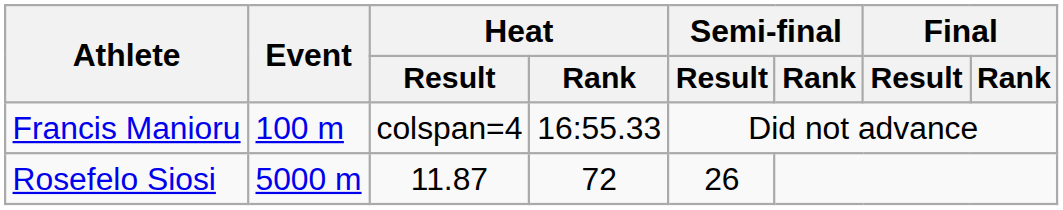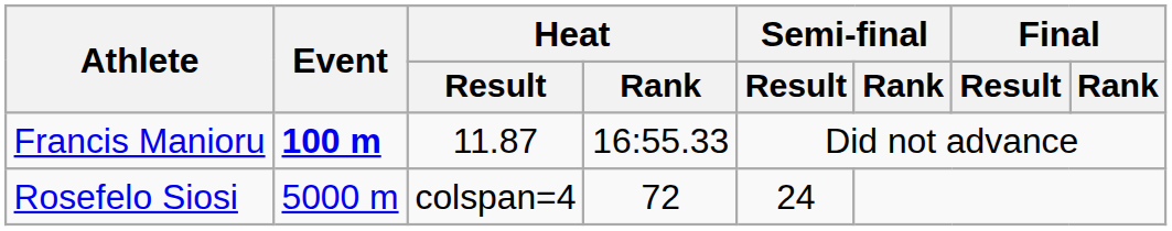 <table class="wikitable" style="font-size:90%">
 <tr>
 <th rowspan=2>Athlete</th>
 <th rowspan=2>Event</th>
 <th colspan=2>Heat</th>
 <th colspan=2>Semi-final</th>
 <th colspan=2>Final</th>
 </tr>
 <tr style="font-size:95%">
 <th>Result</th>
 <th>Rank</th>
 <th>Result</th>
 <th>Rank</th>
 <th>Result</th>
 <th>Rank</th>
 </tr>
 <tr align=center>
 <td align=left><a href='#'>Francis Manioru</a></td>
-<td align=left><a href='#'>100 m</a></td>
-<td>colspan=4 </td>
+<td align=left><strong><a href='#'>100 m</a></strong></td>
+<td>11.87</td>
 <td>16:55.33</td>
 <td colspan=4>Did not advance</td>
 </tr>
 <tr align=center>
 <td align=left><a href='#'>Rosefelo Siosi</a></td>
 <td align=left><a href='#'>5000 m</a></td>
-<td>11.87</td>
+<td>colspan=4 </td>
 <td>72</td>
-<td>26</td>
+<td>24</td>
 </tr>
 </table>
